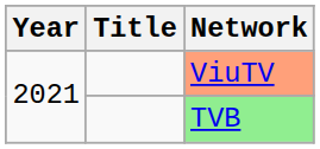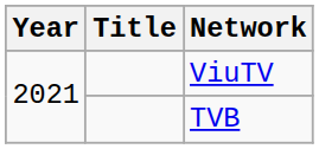 <table class="wikitable plainrowheaders">
 <tr>
 <th scope="col">Year</th>
 <th scope="col">Title</th>
 <th scope="col">Network</th>
 </tr>
 <tr>
 <td rowspan="2">2021</td>
 <td><em></em></td>
-<td style="background: lightsalmon;"><a href='#'>ViuTV</a></td>
+<td><a href='#'>ViuTV</a></td>
 </tr>
 <tr>
 <td><em></em></td>
-<td style="background: lightgreen;"><a href='#'>TVB</a></td>
+<td><a href='#'>TVB</a></td>
 </tr>
 </table>
